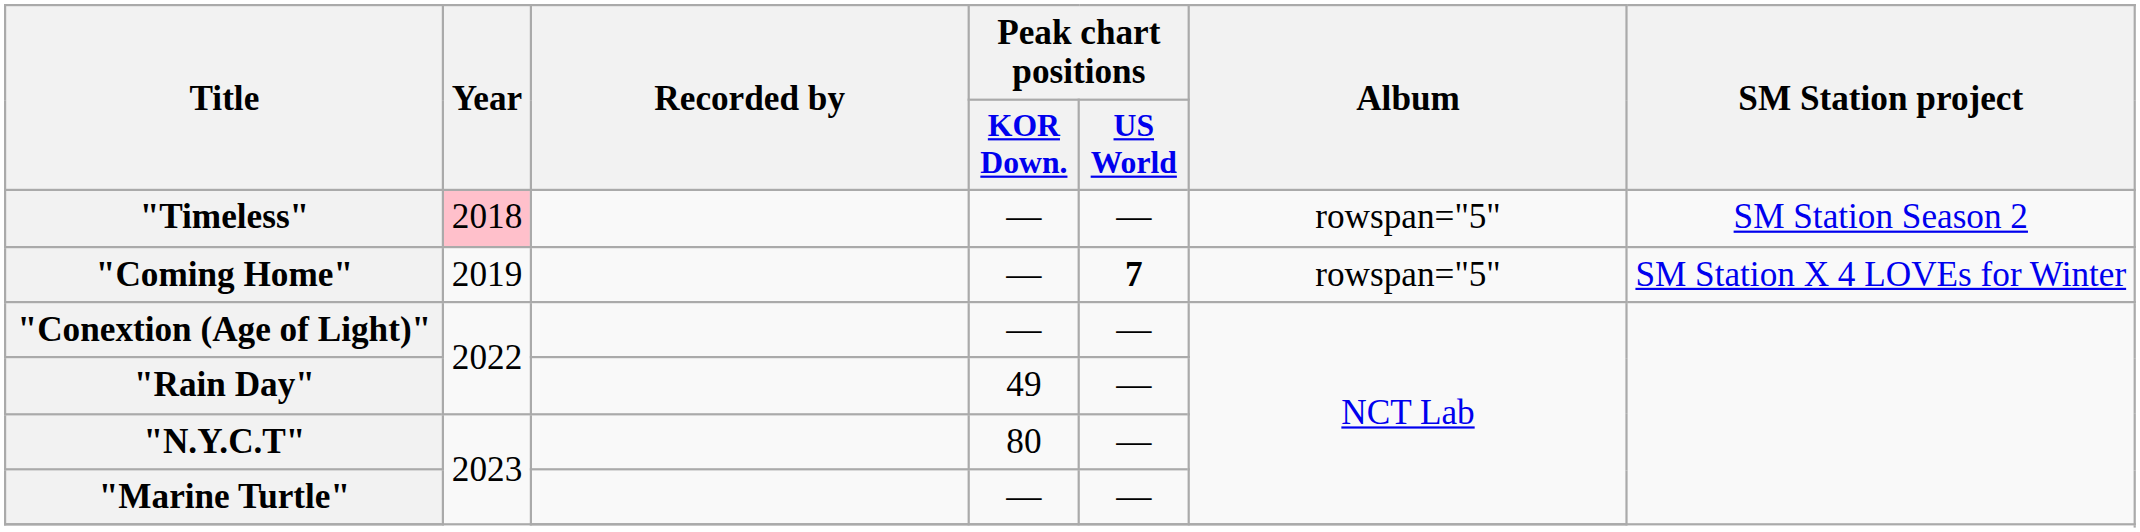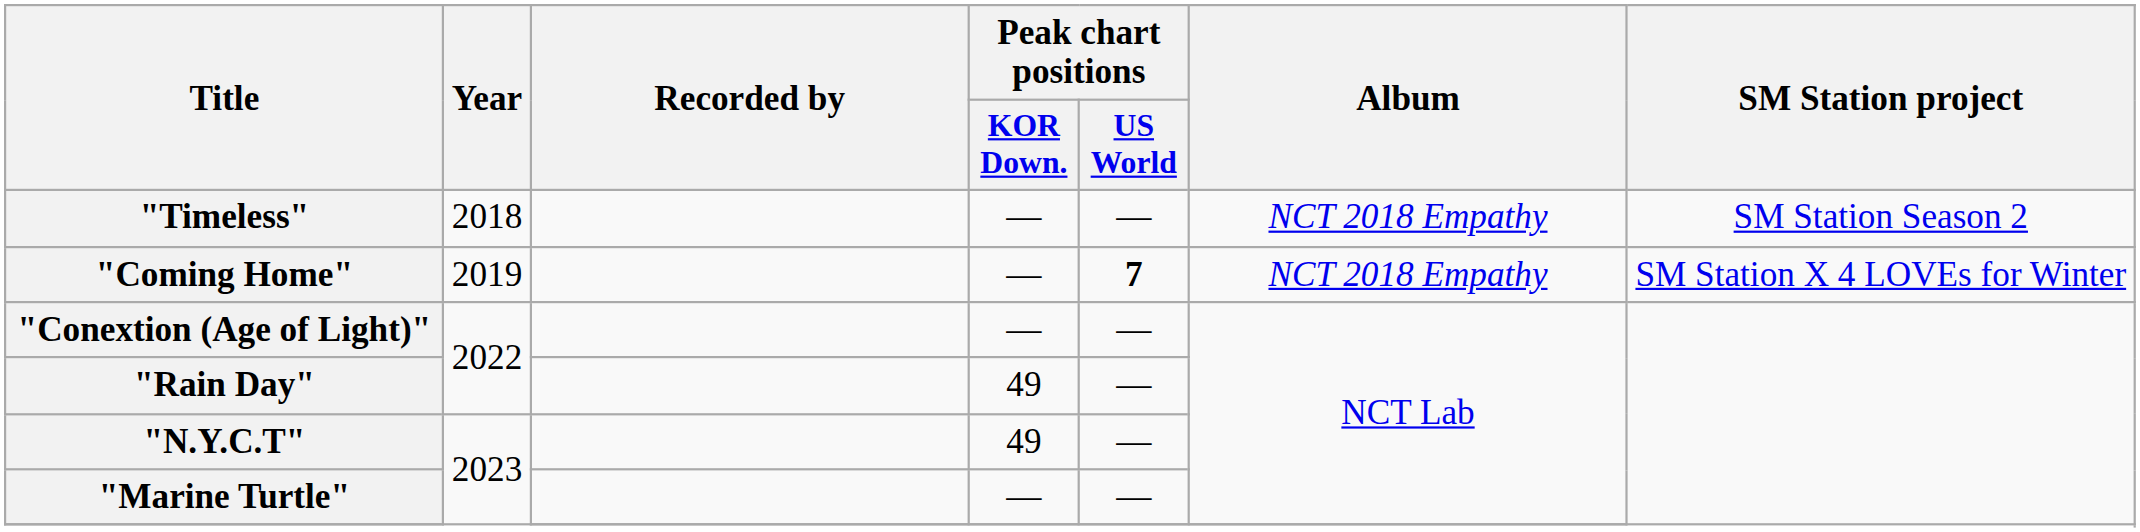 <table class="wikitable plainrowheaders" style="text-align:center;">
 <tr>
 <th rowspan="2" scope="col" style="width:12em;">Title</th>
 <th rowspan="2" scope="col">Year</th>
 <th rowspan="2" scope="col" style="width:12em;">Recorded by</th>
 <th colspan="2">Peak chart positions</th>
 <th rowspan="2" scope="col" style="width:12em;">Album</th>
 <th rowspan="2" scope="col">SM Station project</th>
 </tr>
 <tr>
 <th scope="col" style="width:3em;font-size:90%;"><a href='#'>KOR<br>Down.</a><br></th>
 <th scope="col" style="width:3em;font-size:90%;"><a href='#'>US<br>World</a><br></th>
 </tr>
 <tr>
 <th scope="row">"Timeless"</th>
-<td style="background: pink;">2018</td>
+<td>2018</td>
 <td style="text-align:left"></td>
 <td>—</td>
 <td>—</td>
-<td>rowspan="5" </td>
+<td><em><a href='#'>NCT 2018 Empathy</a></em></td>
 <td><a href='#'>SM Station Season 2</a></td>
 </tr>
 <tr>
 <th scope="row">"Coming Home"</th>
 <td>2019</td>
 <td style="text-align:left"></td>
 <td>—</td>
 <td><strong>7</strong></td>
-<td>rowspan="5" </td>
+<td><em><a href='#'>NCT 2018 Empathy</a></em></td>
 <td><a href='#'>SM Station X 4 LOVEs for Winter</a></td>
 </tr>
 <tr>
 <th scope="row">"Conextion (Age of Light)"</th>
 <td rowspan="2">2022</td>
 <td align="left"></td>
 <td>—</td>
 <td>—</td>
 <td rowspan="4"><a href='#'>NCT Lab</a></td>
 </tr>
 <tr>
 <th scope="row">"Rain Day"</th>
 <td align="left"></td>
 <td>49</td>
 <td>—</td>
 </tr>
 <tr>
 <th scope="row">"N.Y.C.T"</th>
 <td rowspan="3">2023</td>
 <td align="left"></td>
-<td>80</td>
+<td>49</td>
 <td>—</td>
 </tr>
 <tr>
 <th scope="row">"Marine Turtle"</th>
 <td align="left"></td>
 <td>—</td>
 <td>—</td>
 </tr>
 <tr>
 </tr>
 </table>
